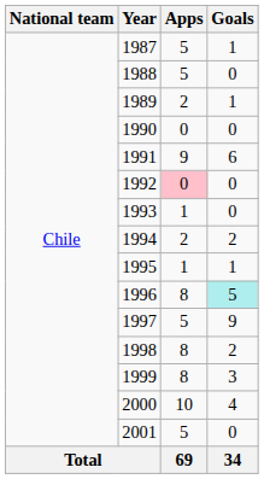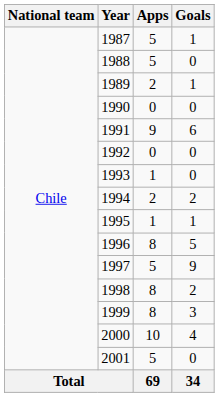 <table class="wikitable" style="text-align:center">
 <tr>
 <th>National team</th>
 <th>Year</th>
 <th>Apps</th>
 <th>Goals</th>
 </tr>
 <tr>
 <td rowspan="15"><a href='#'>Chile</a></td>
 <td>1987</td>
 <td>5</td>
 <td>1</td>
 </tr>
 <tr>
 <td>1988</td>
 <td>5</td>
 <td>0</td>
 </tr>
 <tr>
 <td>1989</td>
 <td>2</td>
 <td>1</td>
 </tr>
 <tr>
 <td>1990</td>
 <td>0</td>
 <td>0</td>
 </tr>
 <tr>
 <td>1991</td>
 <td>9</td>
 <td>6</td>
 </tr>
 <tr>
 <td>1992</td>
-<td style="background: pink;">0</td>
+<td>0</td>
 <td>0</td>
 </tr>
 <tr>
 <td>1993</td>
 <td>1</td>
 <td>0</td>
 </tr>
 <tr>
 <td>1994</td>
 <td>2</td>
 <td>2</td>
 </tr>
 <tr>
 <td>1995</td>
 <td>1</td>
 <td>1</td>
 </tr>
 <tr>
 <td>1996</td>
 <td>8</td>
-<td style="background: paleturquoise;">5</td>
+<td>5</td>
 </tr>
 <tr>
 <td>1997</td>
 <td>5</td>
 <td>9</td>
 </tr>
 <tr>
 <td>1998</td>
 <td>8</td>
 <td>2</td>
 </tr>
 <tr>
 <td>1999</td>
 <td>8</td>
 <td>3</td>
 </tr>
 <tr>
 <td>2000</td>
 <td>10</td>
 <td>4</td>
 </tr>
 <tr>
 <td>2001</td>
 <td>5</td>
 <td>0</td>
 </tr>
 <tr>
 <th colspan="2">Total</th>
 <th>69</th>
 <th>34</th>
 </tr>
 </table>
